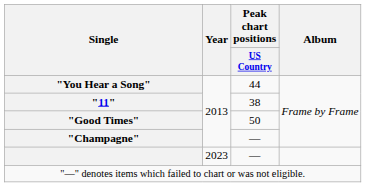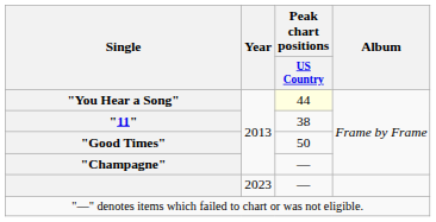 <table class="wikitable plainrowheaders" style="text-align:center;">
 <tr>
 <th rowspan="2" style="width:17em;">Single</th>
 <th rowspan="2">Year</th>
 <th colspan="1">Peak chart positions</th>
 <th rowspan="2">Album</th>
 </tr>
 <tr style="font-size:smaller;">
 <th style="width:4em;"><a href='#'>US Country</a><br></th>
 </tr>
 <tr>
 <th scope="row">"You Hear a Song"</th>
 <td rowspan="4">2013</td>
-<td>44</td>
+<td style="background: lightyellow;">44</td>
 <td style="text-align:left;" rowspan="4"><em>Frame by Frame</em></td>
 </tr>
 <tr>
 <th scope="row">"<a href='#'>11</a>"</th>
 <td>38</td>
 </tr>
 <tr>
 <th scope="row">"Good Times"</th>
 <td>50</td>
 </tr>
 <tr>
 <th scope="row">"Champagne"</th>
 <td>—</td>
 </tr>
 <tr>
 <th scope="row"></th>
 <td>2023</td>
 <td>—</td>
 <td></td>
 </tr>
 <tr>
 <td colspan="4" style="text-align:center; font-size:90%;">"—" denotes items which failed to chart or was not eligible.</td>
 </tr>
 </table>
